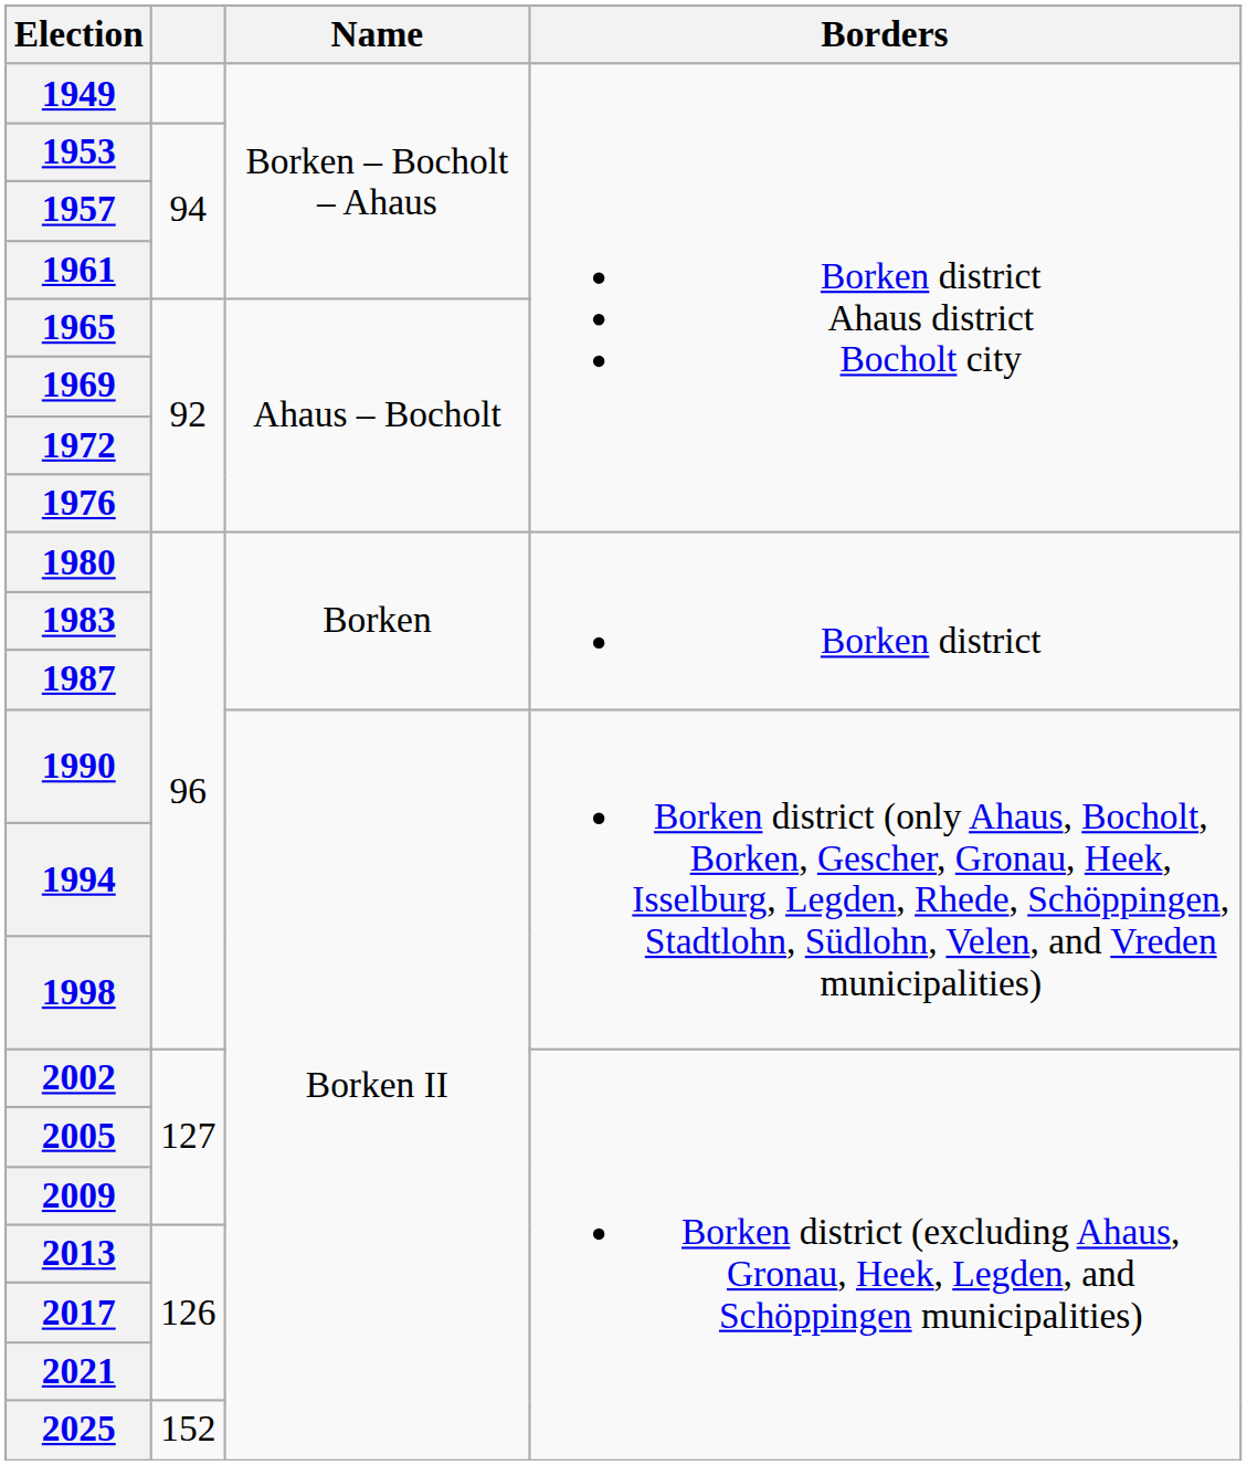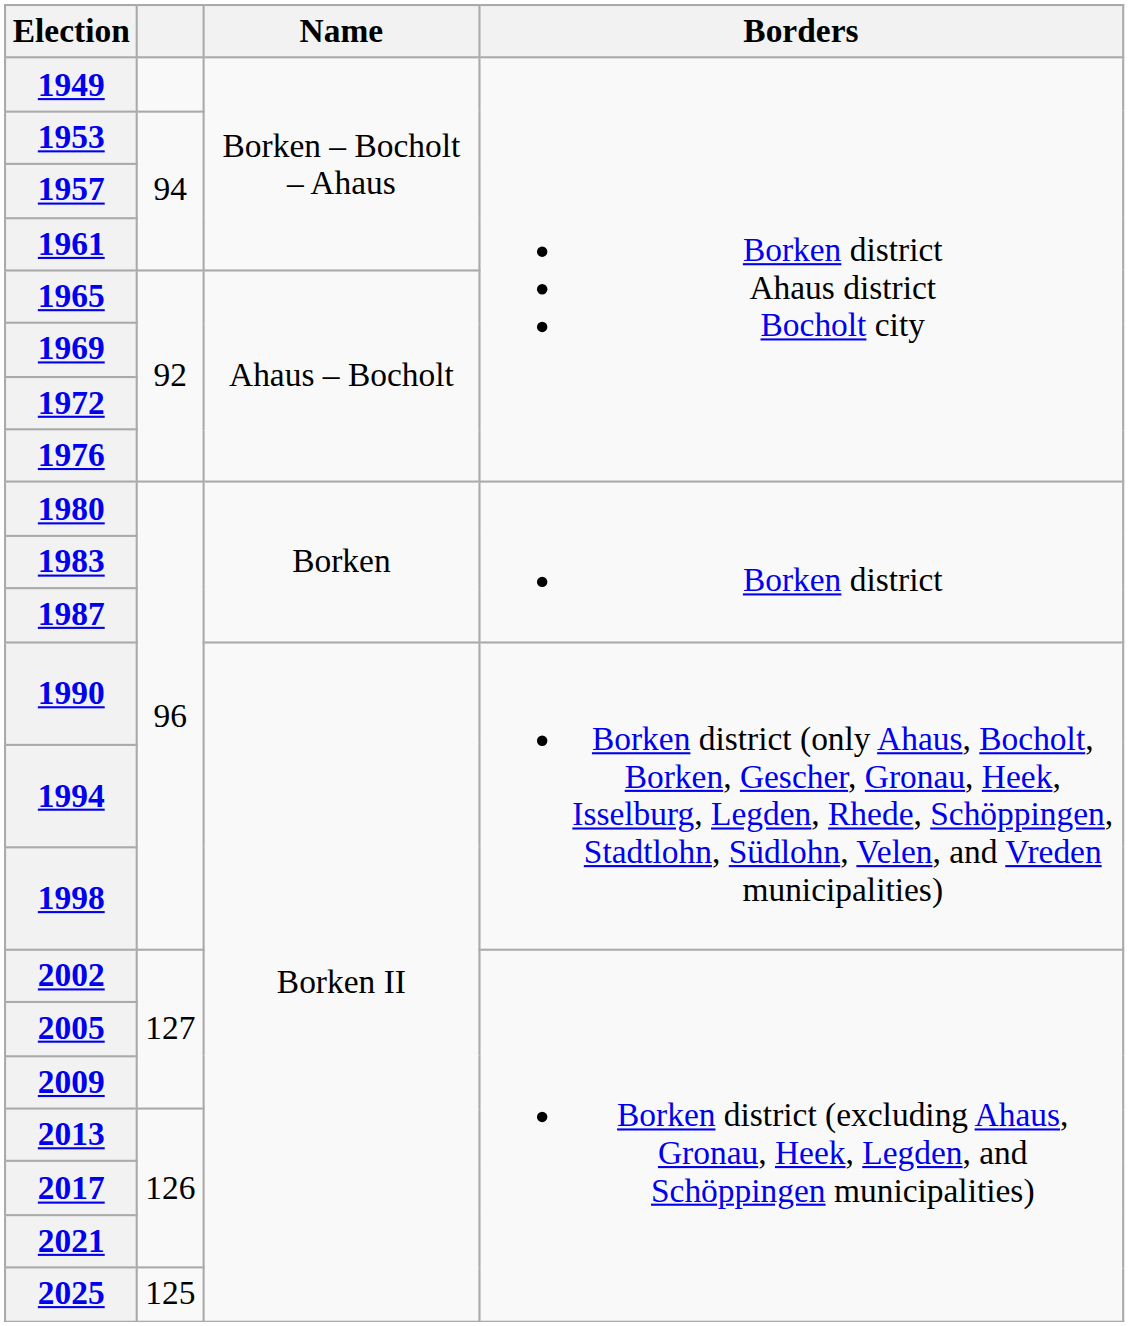 <table class=wikitable style="text-align:center">
 <tr>
 <th>Election</th>
 <th></th>
 <th width=125px>Name</th>
 <th width=300px>Borders</th>
 </tr>
 <tr>
 <th><a href='#'>1949</a></th>
 <td></td>
 <td rowspan=4>Borken – Bocholt – Ahaus</td>
 <td rowspan=8><br><ul><li><a href='#'>Borken</a> district</li><li>Ahaus district</li><li><a href='#'>Bocholt</a> city</li></ul></td>
 </tr>
 <tr>
 <th><a href='#'>1953</a></th>
 <td rowspan=3>94</td>
 </tr>
 <tr>
 <th><a href='#'>1957</a></th>
 </tr>
 <tr>
 <th><a href='#'>1961</a></th>
 </tr>
 <tr>
 <th><a href='#'>1965</a></th>
 <td rowspan=4>92</td>
 <td rowspan=4>Ahaus – Bocholt</td>
 </tr>
 <tr>
 <th><a href='#'>1969</a></th>
 </tr>
 <tr>
 <th><a href='#'>1972</a></th>
 </tr>
 <tr>
 <th><a href='#'>1976</a></th>
 </tr>
 <tr>
 <th><a href='#'>1980</a></th>
 <td rowspan=6>96</td>
 <td rowspan=3>Borken</td>
 <td rowspan=3><br><ul><li><a href='#'>Borken</a> district</li></ul></td>
 </tr>
 <tr>
 <th><a href='#'>1983</a></th>
 </tr>
 <tr>
 <th><a href='#'>1987</a></th>
 </tr>
 <tr>
 <th><a href='#'>1990</a></th>
 <td rowspan=10>Borken II</td>
 <td rowspan=3><br><ul><li><a href='#'>Borken</a> district (only <a href='#'>Ahaus</a>, <a href='#'>Bocholt</a>, <a href='#'>Borken</a>, <a href='#'>Gescher</a>, <a href='#'>Gronau</a>, <a href='#'>Heek</a>, <a href='#'>Isselburg</a>, <a href='#'>Legden</a>, <a href='#'>Rhede</a>, <a href='#'>Schöppingen</a>, <a href='#'>Stadtlohn</a>, <a href='#'>Südlohn</a>, <a href='#'>Velen</a>, and <a href='#'>Vreden</a> municipalities)</li></ul></td>
 </tr>
 <tr>
 <th><a href='#'>1994</a></th>
 </tr>
 <tr>
 <th><a href='#'>1998</a></th>
 </tr>
 <tr>
 <th><a href='#'>2002</a></th>
 <td rowspan=3>127</td>
 <td rowspan=7><br><ul><li><a href='#'>Borken</a> district (excluding <a href='#'>Ahaus</a>, <a href='#'>Gronau</a>, <a href='#'>Heek</a>, <a href='#'>Legden</a>, and <a href='#'>Schöppingen</a> municipalities)</li></ul></td>
 </tr>
 <tr>
 <th><a href='#'>2005</a></th>
 </tr>
 <tr>
 <th><a href='#'>2009</a></th>
 </tr>
 <tr>
 <th><a href='#'>2013</a></th>
 <td rowspan=3>126</td>
 </tr>
 <tr>
 <th><a href='#'>2017</a></th>
 </tr>
 <tr>
 <th><a href='#'>2021</a></th>
 </tr>
 <tr>
 <th><a href='#'>2025</a></th>
-<td>152</td>
+<td>125</td>
 </tr>
 </table>
